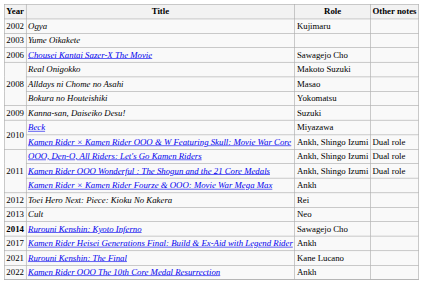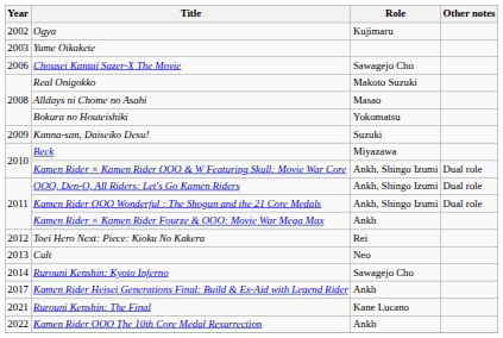 <table class="wikitable" style="font-size: 90%;">
 <tr>
 <th>Year</th>
 <th>Title</th>
 <th>Role</th>
 <th>Other notes</th>
 </tr>
 <tr>
 <td>2002</td>
 <td><em>Ogya</em></td>
 <td>Kujimaru</td>
 <td></td>
 </tr>
 <tr>
 <td>2003</td>
 <td><em>Yume Oikakete</em></td>
 <td></td>
 <td></td>
 </tr>
 <tr>
 <td>2006</td>
 <td><em><a href='#'>Chousei Kantai Sazer-X The Movie</a></em></td>
 <td>Sawagejo Cho</td>
 <td></td>
 </tr>
 <tr>
 <td rowspan="3">2008</td>
 <td><em>Real Onigokko</em></td>
 <td>Makoto Suzuki</td>
 <td></td>
 </tr>
 <tr>
 <td><em>Alldays ni Chome no Asahi</em></td>
 <td>Masao</td>
 <td></td>
 </tr>
 <tr>
 <td><em>Bokura no Houteishiki</em></td>
 <td>Yokomatsu</td>
 <td></td>
 </tr>
 <tr>
 <td>2009</td>
 <td><em>Kanna-san, Daiseiko Desu!</em></td>
 <td>Suzuki</td>
 <td></td>
 </tr>
 <tr>
 <td rowspan="2">2010</td>
 <td><em><a href='#'>Beck</a></em></td>
 <td>Miyazawa</td>
 <td></td>
 </tr>
 <tr>
 <td><em><a href='#'>Kamen Rider × Kamen Rider OOO & W Featuring Skull: Movie War Core</a></em></td>
 <td>Ankh, Shingo Izumi</td>
 <td>Dual role</td>
 </tr>
 <tr>
 <td rowspan="3">2011</td>
 <td><em><a href='#'>OOO, Den-O, All Riders: Let's Go Kamen Riders</a></em></td>
 <td>Ankh, Shingo Izumi</td>
 <td>Dual role</td>
 </tr>
 <tr>
 <td><em><a href='#'>Kamen Rider OOO Wonderful : The Shogun and the 21 Core Medals</a></em></td>
 <td>Ankh, Shingo Izumi</td>
 <td>Dual role</td>
 </tr>
 <tr>
 <td><em><a href='#'>Kamen Rider × Kamen Rider Fourze & OOO: Movie War Mega Max</a></em></td>
 <td>Ankh</td>
 <td></td>
 </tr>
 <tr>
 <td>2012</td>
 <td><em>Toei Hero Next: Piece: Kioku No Kakera</em></td>
 <td>Rei</td>
 <td></td>
 </tr>
 <tr>
 <td>2013</td>
 <td><em>Cult</em></td>
 <td>Neo</td>
 <td></td>
 </tr>
 <tr>
-<td><strong>2014</strong></td>
+<td>2014</td>
 <td><em><a href='#'>Rurouni Kenshin: Kyoto Inferno</a></em></td>
 <td>Sawagejo Cho</td>
 <td></td>
 </tr>
 <tr>
 <td>2017</td>
 <td><em><a href='#'>Kamen Rider Heisei Generations Final: Build & Ex-Aid with Legend Rider</a></em></td>
 <td>Ankh</td>
 <td></td>
 </tr>
 <tr>
 <td>2021</td>
 <td><em><a href='#'>Rurouni Kenshin: The Final</a></em></td>
 <td>Kane Lucano</td>
 <td></td>
 </tr>
 <tr>
 <td>2022</td>
 <td><em><a href='#'>Kamen Rider OOO The 10th Core Medal Resurrection</a></em></td>
 <td>Ankh</td>
 <td></td>
 </tr>
 <tr>
 </tr>
 </table>
